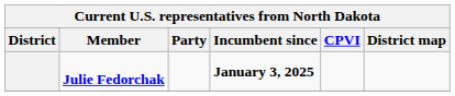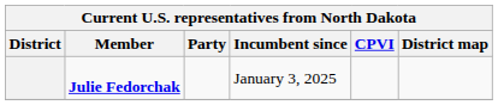 <table class="wikitable sortable">
 <tr>
 <th colspan=6>Current U.S. representatives from North Dakota</th>
 </tr>
 <tr>
 <th>District</th>
 <th>Member<br></th>
 <th>Party</th>
 <th data-sort-type="date">Incumbent since</th>
 <th data-sort-type="number"><a href='#'>CPVI</a><br></th>
 <th class="unsortable">District map</th>
 </tr>
 <tr>
 <th></th>
 <td data-sort-value="Fedorchak, Julie"><br><strong><a href='#'>Julie Fedorchak</a></strong><br></td>
 <td></td>
-<td><strong>January 3, 2025</strong></td>
+<td>January 3, 2025</td>
 <td></td>
 <td></td>
 </tr>
 <tr>
 </tr>
 </table>
